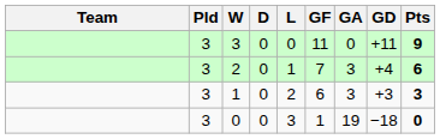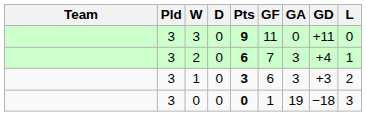 <table class="wikitable" style="text-align:center;">
 <tr>
 <th width=175>Team</th>
 <th width=20>Pld</th>
 <th width=20>W</th>
 <th width=20>D</th>
-<th width=20>L</th>
+<th width=20>Pts</th>
 <th width=20>GF</th>
 <th width=20>GA</th>
 <th width=20>GD</th>
-<th width=20>Pts</th>
+<th width=20>L</th>
 </tr>
 <tr bgcolor=ccffcc>
 <td align="left"></td>
 <td>3</td>
 <td>3</td>
 <td>0</td>
-<td>0</td>
+<td><strong>9</strong></td>
 <td>11</td>
 <td>0</td>
 <td>+11</td>
-<td><strong>9</strong></td>
+<td>0</td>
 </tr>
 <tr bgcolor=ccffcc>
 <td align="left"></td>
 <td>3</td>
 <td>2</td>
 <td>0</td>
-<td>1</td>
+<td><strong>6</strong></td>
 <td>7</td>
 <td>3</td>
 <td>+4</td>
-<td><strong>6</strong></td>
+<td>1</td>
 </tr>
 <tr>
 <td align="left"></td>
 <td>3</td>
 <td>1</td>
 <td>0</td>
-<td>2</td>
+<td><strong>3</strong></td>
 <td>6</td>
 <td>3</td>
 <td>+3</td>
-<td><strong>3</strong></td>
+<td>2</td>
 </tr>
 <tr>
 <td align="left"></td>
 <td>3</td>
 <td>0</td>
 <td>0</td>
-<td>3</td>
+<td><strong>0</strong></td>
 <td>1</td>
 <td>19</td>
 <td>−18</td>
-<td><strong>0</strong></td>
+<td>3</td>
 </tr>
 </table>
